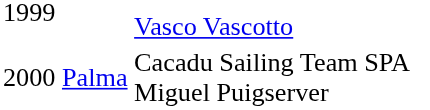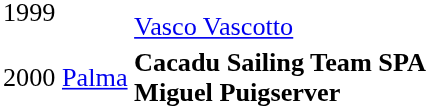 <table>
 <tr>
 <td>1999</td>
 <td><br><a href='#'>Vasco Vascotto</a></td>
 <td></td>
 <td></td>
 </tr>
 <tr>
 <td>2000 <a href='#'>Palma</a></td>
-<td>Cacadu Sailing Team SPA<br>Miguel Puigserver</td>
+<td><strong>Cacadu Sailing Team SPA<br>Miguel Puigserver</strong></td>
 <td></td>
 <td></td>
 </tr>
 </table>
